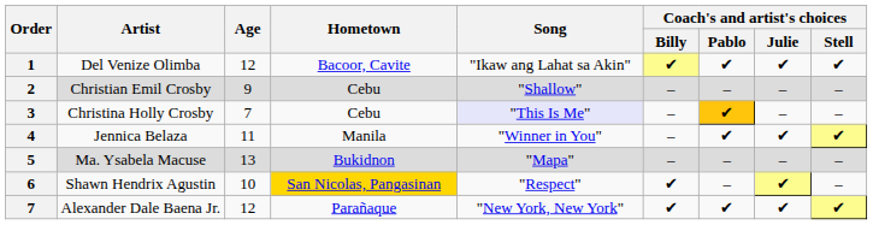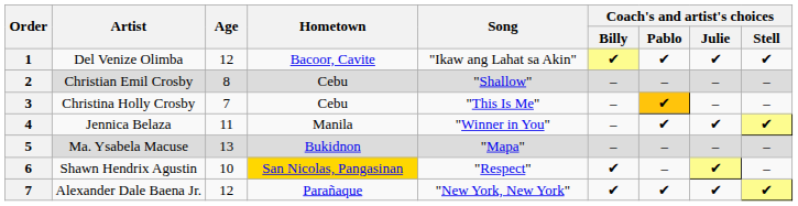 <table class="wikitable" style="text-align:center; line-height:17px; width:100%">
 <tr>
 <th scope="col" rowspan="2" style="width:04%">Order</th>
 <th scope="col" rowspan="2" style="width:18%">Artist</th>
 <th scope="col" rowspan="2" style="width:05%">Age</th>
 <th scope="col" rowspan="2" style="width:20%">Hometown</th>
 <th scope="col" rowspan="2" style="width:20%">Song</th>
 <th scope="col" colspan="4" style="width:24%">Coach's and artist's choices</th>
 </tr>
 <tr>
 <th style="width:06%">Billy</th>
 <th style="width:06%">Pablo</th>
 <th style="width:06%">Julie</th>
 <th style="width:06%">Stell</th>
 </tr>
 <tr>
 <th>1</th>
 <td>Del Venize Olimba</td>
 <td>12</td>
 <td><a href='#'>Bacoor, Cavite</a></td>
 <td>"Ikaw ang Lahat sa Akin"</td>
 <td style="background:#fdfc8f;">✔</td>
 <td>✔</td>
 <td>✔</td>
 <td>✔</td>
 </tr>
 <tr style="background:#dcdcdc;">
 <th>2</th>
 <td>Christian Emil Crosby</td>
-<td>9</td>
+<td>8</td>
 <td>Cebu</td>
 <td>"<a href='#'>Shallow</a>"</td>
 <td>–</td>
 <td>–</td>
 <td>–</td>
 <td>–</td>
 </tr>
 <tr>
 <th>3</th>
 <td>Christina Holly Crosby</td>
 <td>7</td>
 <td>Cebu</td>
-<td style="background: lavender;">"<a href='#'>This Is Me</a>"</td>
+<td>"<a href='#'>This Is Me</a>"</td>
 <td>–</td>
 <td style="background:#FFC40C; border:1px solid black">✔</td>
 <td>–</td>
 <td>–</td>
 </tr>
 <tr>
 <th>4</th>
 <td>Jennica Belaza</td>
 <td>11</td>
 <td>Manila</td>
 <td>"<a href='#'>Winner in You</a>"</td>
 <td>–</td>
 <td>✔</td>
 <td>✔</td>
 <td style="background:#fdfc8f; border:1px solid black">✔</td>
 </tr>
 <tr style="background:#dcdcdc;">
 <th>5</th>
 <td>Ma. Ysabela Macuse</td>
 <td>13</td>
 <td><a href='#'>Bukidnon</a></td>
 <td>"<a href='#'>Mapa</a>"</td>
 <td>–</td>
 <td>–</td>
 <td>–</td>
 <td>–</td>
 </tr>
 <tr>
 <th>6</th>
 <td>Shawn Hendrix Agustin</td>
 <td>10</td>
 <td style="background: gold;"><a href='#'>San Nicolas, Pangasinan</a></td>
 <td>"<a href='#'>Respect</a>"</td>
 <td>✔</td>
 <td>–</td>
 <td style="background:#fdfc8f; border:1px solid black">✔</td>
 <td>–</td>
 </tr>
 <tr>
 <th>7</th>
 <td>Alexander Dale Baena Jr.</td>
 <td>12</td>
 <td><a href='#'>Parañaque</a></td>
 <td>"<a href='#'>New York, New York</a>"</td>
 <td>✔</td>
 <td>✔</td>
 <td>✔</td>
 <td style="background:#fdfc8f; border:1px solid black">✔</td>
 </tr>
 </table>
